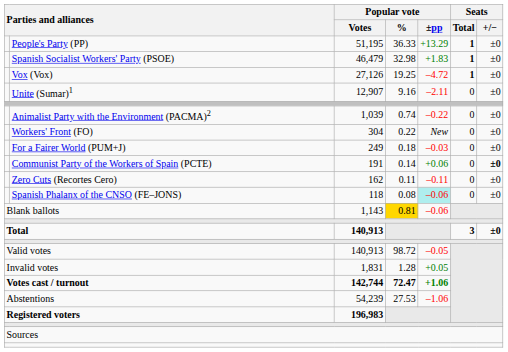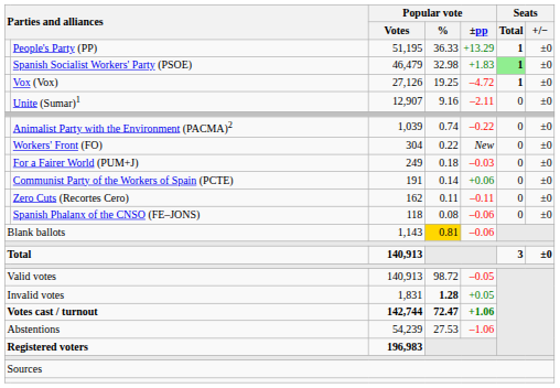 <table class="wikitable" style="text-align:right;">
 <tr>
 <th style="text-align:left;" rowspan="2" colspan="2" width="525">Parties and alliances</th>
 <th colspan="3">Popular vote</th>
 <th colspan="2">Seats</th>
 </tr>
 <tr>
 <th width="75">Votes</th>
 <th width="45">%</th>
 <th width="45">±<a href='#'>pp</a></th>
 <th width="35">Total</th>
 <th width="35">+/−</th>
 </tr>
 <tr>
 <td width="1" style="color:inherit;background:"></td>
 <td align="left"><a href='#'>People's Party</a> (PP)</td>
 <td>51,195</td>
 <td>36.33</td>
 <td style="color:green;">+13.29</td>
 <td><strong>1</strong></td>
 <td>±0</td>
 </tr>
 <tr>
 <td style="color:inherit;background:"></td>
 <td align="left"><a href='#'>Spanish Socialist Workers' Party</a> (PSOE)</td>
 <td>46,479</td>
 <td>32.98</td>
 <td style="color:green;">+1.83</td>
-<td><strong>1</strong></td>
+<td style="background: lightgreen;"><strong>1</strong></td>
 <td>±0</td>
 </tr>
 <tr>
 <td style="color:inherit;background:"></td>
 <td align="left"><a href='#'>Vox</a> (Vox)</td>
 <td>27,126</td>
 <td>19.25</td>
 <td style="color:red;">–4.72</td>
 <td><strong>1</strong></td>
 <td>±0</td>
 </tr>
 <tr>
 <td style="color:inherit;background:"></td>
 <td align="left"><a href='#'>Unite</a> (Sumar)<sup>1</sup></td>
 <td>12,907</td>
 <td>9.16</td>
 <td style="color:red;">–2.11</td>
 <td>0</td>
 <td>±0</td>
 </tr>
 <tr>
 <td colspan="7" bgcolor="#C0C0C0"></td>
 </tr>
 <tr>
 <td style="color:inherit;background:"></td>
 <td align="left"><a href='#'>Animalist Party with the Environment</a> (PACMA)<sup>2</sup></td>
 <td>1,039</td>
 <td>0.74</td>
 <td style="color:red;">–0.22</td>
 <td>0</td>
 <td>±0</td>
 </tr>
 <tr>
 <td style="color:inherit;background:"></td>
 <td align="left"><a href='#'>Workers' Front</a> (FO)</td>
 <td>304</td>
 <td>0.22</td>
 <td><em>New</em></td>
 <td>0</td>
 <td>±0</td>
 </tr>
 <tr>
 <td style="color:inherit;background:"></td>
 <td align="left"><a href='#'>For a Fairer World</a> (PUM+J)</td>
 <td>249</td>
 <td>0.18</td>
 <td style="color:red;">–0.03</td>
 <td>0</td>
 <td>±0</td>
 </tr>
 <tr>
 <td style="color:inherit;background:"></td>
 <td align="left"><a href='#'>Communist Party of the Workers of Spain</a> (PCTE)</td>
 <td>191</td>
 <td>0.14</td>
 <td style="color:green;">+0.06</td>
 <td>0</td>
-<td><strong>±0</strong></td>
+<td>±0</td>
 </tr>
 <tr>
 <td style="color:inherit;background:"></td>
 <td align="left"><a href='#'>Zero Cuts</a> (Recortes Cero)</td>
 <td>162</td>
 <td>0.11</td>
 <td style="color:red;">–0.11</td>
 <td>0</td>
 <td>±0</td>
 </tr>
 <tr>
 <td style="color:inherit;background:"></td>
 <td align="left"><a href='#'>Spanish Phalanx of the CNSO</a> (FE–JONS)</td>
 <td>118</td>
 <td>0.08</td>
-<td style="background: paleturquoise; color:red;">–0.06</td>
+<td style="color:red;">–0.06</td>
 <td>0</td>
 <td>±0</td>
 </tr>
 <tr>
 <td align="left" colspan="2">Blank ballots</td>
 <td>1,143</td>
 <td style="background: gold;">0.81</td>
 <td style="color:red;">–0.06</td>
 <td bgcolor="#E9E9E9" colspan="2"></td>
 </tr>
 <tr>
 <td colspan="7" bgcolor="#E9E9E9"></td>
 </tr>
 <tr style="font-weight:bold;">
 <td align="left" colspan="2">Total</td>
 <td>140,913</td>
 <td bgcolor="#E9E9E9" colspan="2"></td>
 <td>3</td>
 <td>±0</td>
 </tr>
 <tr>
 <td colspan="7" bgcolor="#E9E9E9"></td>
 </tr>
 <tr>
 <td align="left" colspan="2">Valid votes</td>
 <td>140,913</td>
 <td>98.72</td>
 <td style="color:red;">–0.05</td>
 <td bgcolor="#E9E9E9" colspan="2" rowspan="5"></td>
 </tr>
 <tr>
 <td align="left" colspan="2">Invalid votes</td>
 <td>1,831</td>
-<td>1.28</td>
+<td><strong>1.28</strong></td>
 <td style="color:green;">+0.05</td>
 </tr>
 <tr style="font-weight:bold;">
 <td align="left" colspan="2">Votes cast / turnout</td>
 <td>142,744</td>
 <td>72.47</td>
 <td style="color:green;">+1.06</td>
 </tr>
 <tr>
 <td align="left" colspan="2">Abstentions</td>
 <td>54,239</td>
 <td>27.53</td>
 <td style="color:red;">–1.06</td>
 </tr>
 <tr style="font-weight:bold;">
 <td align="left" colspan="2">Registered voters</td>
 <td>196,983</td>
 <td bgcolor="#E9E9E9" colspan="2"></td>
 </tr>
 <tr>
 <td colspan="7" bgcolor="#E9E9E9"></td>
 </tr>
 <tr>
 <td align="left" colspan="7">Sources</td>
 </tr>
 <tr>
 <td colspan="7" style="text-align:left; max-width:790px;"></td>
 </tr>
 </table>
